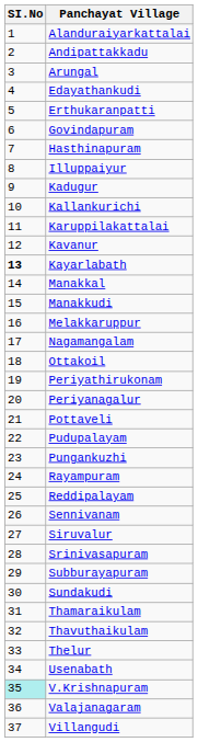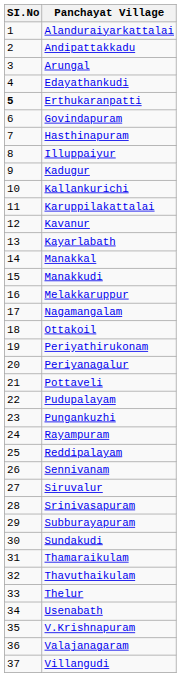 <table class="wikitable sortable">
 <tr>
 <th>SI.No</th>
 <th>Panchayat Village</th>
 </tr>
 <tr>
 <td>1</td>
 <td><a href='#'>Alanduraiyarkattalai</a></td>
 </tr>
 <tr>
 <td>2</td>
 <td><a href='#'>Andipattakkadu</a></td>
 </tr>
 <tr>
 <td>3</td>
 <td><a href='#'>Arungal</a></td>
 </tr>
 <tr>
 <td>4</td>
 <td><a href='#'>Edayathankudi</a></td>
 </tr>
 <tr>
-<td>5</td>
+<td><strong>5</strong></td>
 <td><a href='#'>Erthukaranpatti</a></td>
 </tr>
 <tr>
 <td>6</td>
 <td><a href='#'>Govindapuram</a></td>
 </tr>
 <tr>
 <td>7</td>
 <td><a href='#'>Hasthinapuram</a></td>
 </tr>
 <tr>
 <td>8</td>
 <td><a href='#'>Illuppaiyur</a></td>
 </tr>
 <tr>
 <td>9</td>
 <td><a href='#'>Kadugur</a></td>
 </tr>
 <tr>
 <td>10</td>
 <td><a href='#'>Kallankurichi</a></td>
 </tr>
 <tr>
 <td>11</td>
 <td><a href='#'>Karuppilakattalai</a></td>
 </tr>
 <tr>
 <td>12</td>
 <td><a href='#'>Kavanur</a></td>
 </tr>
 <tr>
-<td><strong>13</strong></td>
+<td>13</td>
 <td><a href='#'>Kayarlabath</a></td>
 </tr>
 <tr>
 <td>14</td>
 <td><a href='#'>Manakkal</a></td>
 </tr>
 <tr>
 <td>15</td>
 <td><a href='#'>Manakkudi</a></td>
 </tr>
 <tr>
 <td>16</td>
 <td><a href='#'>Melakkaruppur</a></td>
 </tr>
 <tr>
 <td>17</td>
 <td><a href='#'>Nagamangalam</a></td>
 </tr>
 <tr>
 <td>18</td>
 <td><a href='#'>Ottakoil</a></td>
 </tr>
 <tr>
 <td>19</td>
 <td><a href='#'>Periyathirukonam</a></td>
 </tr>
 <tr>
 <td>20</td>
 <td><a href='#'>Periyanagalur</a></td>
 </tr>
 <tr>
 <td>21</td>
 <td><a href='#'>Pottaveli</a></td>
 </tr>
 <tr>
 <td>22</td>
 <td><a href='#'>Pudupalayam</a></td>
 </tr>
 <tr>
 <td>23</td>
 <td><a href='#'>Pungankuzhi</a></td>
 </tr>
 <tr>
 <td>24</td>
 <td><a href='#'>Rayampuram</a></td>
 </tr>
 <tr>
 <td>25</td>
 <td><a href='#'>Reddipalayam</a></td>
 </tr>
 <tr>
 <td>26</td>
 <td><a href='#'>Sennivanam</a></td>
 </tr>
 <tr>
 <td>27</td>
 <td><a href='#'>Siruvalur</a></td>
 </tr>
 <tr>
 <td>28</td>
 <td><a href='#'>Srinivasapuram</a></td>
 </tr>
 <tr>
 <td>29</td>
 <td><a href='#'>Subburayapuram</a></td>
 </tr>
 <tr>
 <td>30</td>
 <td><a href='#'>Sundakudi</a></td>
 </tr>
 <tr>
 <td>31</td>
 <td><a href='#'>Thamaraikulam</a></td>
 </tr>
 <tr>
 <td>32</td>
 <td><a href='#'>Thavuthaikulam</a></td>
 </tr>
 <tr>
 <td>33</td>
 <td><a href='#'>Thelur</a></td>
 </tr>
 <tr>
 <td>34</td>
 <td><a href='#'>Usenabath</a></td>
 </tr>
 <tr>
-<td style="background: paleturquoise;">35</td>
+<td>35</td>
 <td><a href='#'>V.Krishnapuram</a></td>
 </tr>
 <tr>
 <td>36</td>
 <td><a href='#'>Valajanagaram</a></td>
 </tr>
 <tr>
 <td>37</td>
 <td><a href='#'>Villangudi</a></td>
 </tr>
 </table>
